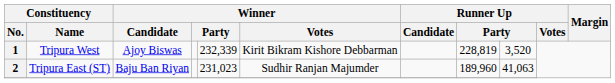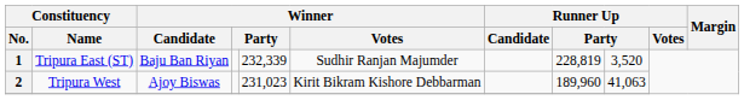 <table class="wikitable sortable" style="text-align:center;">
 <tr>
 <th colspan="2">Constituency</th>
 <th colspan="4">Winner</th>
 <th colspan="4">Runner Up</th>
 <th rowspan="2">Margin</th>
 </tr>
 <tr>
 <th>No.</th>
 <th>Name</th>
 <th>Candidate</th>
 <th colspan="2">Party</th>
 <th>Votes</th>
 <th>Candidate</th>
 <th colspan="2">Party</th>
 <th>Votes</th>
 </tr>
 <tr>
 <th>1</th>
-<td><a href='#'>Tripura West</a></td>
-<td><a href='#'>Ajoy Biswas</a></td>
+<td><a href='#'>Tripura East (ST)</a></td>
+<td><a href='#'>Baju Ban Riyan</a></td>
 <td></td>
 <td>232,339</td>
-<td>Kirit Bikram Kishore Debbarman</td>
+<td>Sudhir Ranjan Majumder</td>
 <td></td>
 <td>228,819</td>
 <td style="background:">3,520</td>
 </tr>
 <tr>
 <th>2</th>
-<td><a href='#'>Tripura East (ST)</a></td>
-<td><a href='#'>Baju Ban Riyan</a></td>
+<td><a href='#'>Tripura West</a></td>
+<td><a href='#'>Ajoy Biswas</a></td>
 <td></td>
 <td>231,023</td>
-<td>Sudhir Ranjan Majumder</td>
+<td>Kirit Bikram Kishore Debbarman</td>
 <td></td>
 <td>189,960</td>
 <td style="background:">41,063</td>
 </tr>
 <tr>
 </tr>
 </table>
